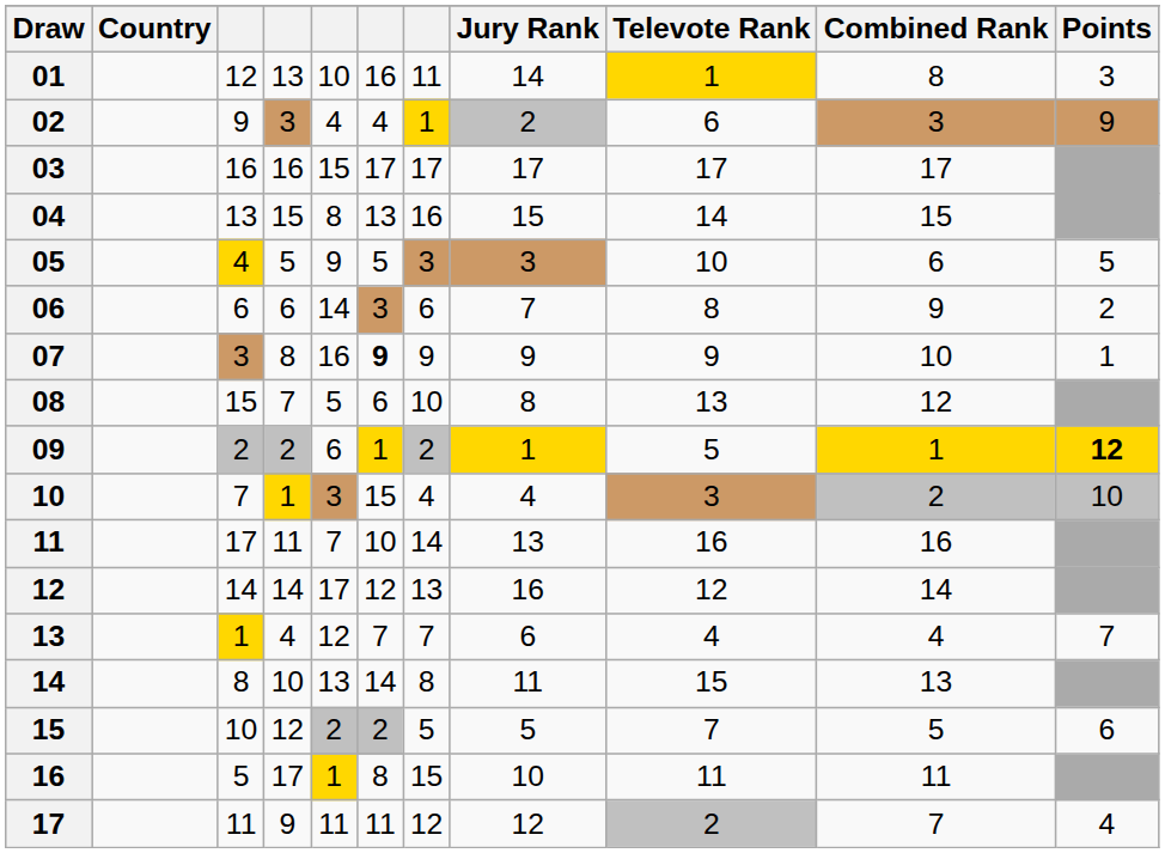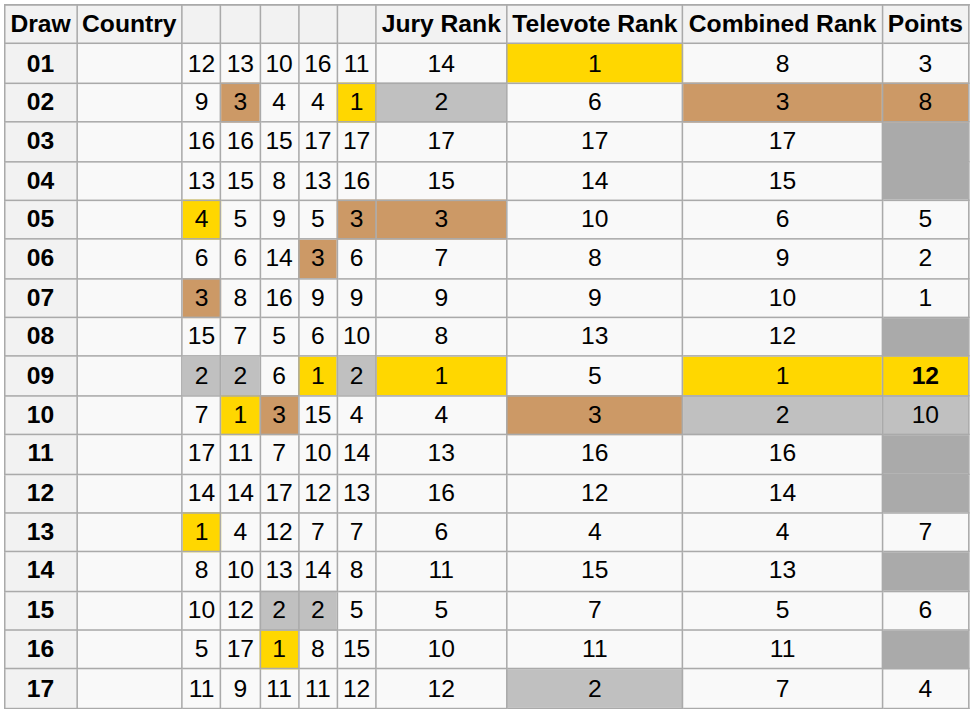 <table class="sortable wikitable collapsible plainrowheaders" style="text-align:center;">
 <tr>
 </tr>
 <tr>
 <th scope="col">Draw</th>
 <th scope="col">Country</th>
 <th scope="col"><small></small></th>
 <th scope="col"><small></small></th>
 <th scope="col"><small></small></th>
 <th scope="col"><small></small></th>
 <th scope="col"><small></small></th>
 <th scope="col">Jury Rank</th>
 <th scope="col">Televote Rank</th>
 <th scope="col">Combined Rank</th>
 <th scope="col">Points</th>
 </tr>
 <tr>
 <th scope="row" style="text-align:center;">01</th>
 <td style="text-align:left;"></td>
 <td>12</td>
 <td>13</td>
 <td>10</td>
 <td>16</td>
 <td>11</td>
 <td>14</td>
 <td style="background:gold;">1</td>
 <td>8</td>
 <td>3</td>
 </tr>
 <tr>
 <th scope="row" style="text-align:center;">02</th>
 <td style="text-align:left;"></td>
 <td>9</td>
 <td style="background:#CC9966;">3</td>
 <td>4</td>
 <td>4</td>
 <td style="background:gold;">1</td>
 <td style="background:silver;">2</td>
 <td>6</td>
 <td style="background:#CC9966;">3</td>
-<td style="background:#CC9966;">9</td>
+<td style="background:#CC9966;">8</td>
 </tr>
 <tr>
 <th scope="row" style="text-align:center;">03</th>
 <td style="text-align:left;"></td>
 <td>16</td>
 <td>16</td>
 <td>15</td>
 <td>17</td>
 <td>17</td>
 <td>17</td>
 <td>17</td>
 <td>17</td>
 <td style="background:#AAAAAA;"></td>
 </tr>
 <tr>
 <th scope="row" style="text-align:center;">04</th>
 <td style="text-align:left;"></td>
 <td>13</td>
 <td>15</td>
 <td>8</td>
 <td>13</td>
 <td>16</td>
 <td>15</td>
 <td>14</td>
 <td>15</td>
 <td style="background:#AAAAAA;"></td>
 </tr>
 <tr>
 <th scope="row" style="text-align:center;">05</th>
 <td style="text-align:left;"></td>
 <td style="background: gold;">4</td>
 <td>5</td>
 <td>9</td>
 <td>5</td>
 <td style="background:#CC9966;">3</td>
 <td style="background:#CC9966;">3</td>
 <td>10</td>
 <td>6</td>
 <td>5</td>
 </tr>
 <tr>
 <th scope="row" style="text-align:center;">06</th>
 <td style="text-align:left;"></td>
 <td>6</td>
 <td>6</td>
 <td>14</td>
 <td style="background:#CC9966;">3</td>
 <td>6</td>
 <td>7</td>
 <td>8</td>
 <td>9</td>
 <td>2</td>
 </tr>
 <tr>
 <th scope="row" style="text-align:center;">07</th>
 <td style="text-align:left;"></td>
 <td style="background:#CC9966;">3</td>
 <td>8</td>
 <td>16</td>
-<td><strong>9</strong></td>
+<td>9</td>
 <td>9</td>
 <td>9</td>
 <td>9</td>
 <td>10</td>
 <td>1</td>
 </tr>
 <tr>
 <th scope="row" style="text-align:center;">08</th>
 <td style="text-align:left;"></td>
 <td>15</td>
 <td>7</td>
 <td>5</td>
 <td>6</td>
 <td>10</td>
 <td>8</td>
 <td>13</td>
 <td>12</td>
 <td style="background:#AAAAAA;"></td>
 </tr>
 <tr>
 <th scope="row" style="text-align:center;">09</th>
 <td style="text-align:left;"></td>
 <td style="background:silver;">2</td>
 <td style="background:silver;">2</td>
 <td>6</td>
 <td style="background:gold;">1</td>
 <td style="background:silver;">2</td>
 <td style="background:gold;">1</td>
 <td>5</td>
 <td style="background:gold;">1</td>
 <td style="background:gold;"><strong>12</strong></td>
 </tr>
 <tr>
 <th scope="row" style="text-align:center;">10</th>
 <td style="text-align:left;"></td>
 <td>7</td>
 <td style="background:gold;">1</td>
 <td style="background:#CC9966;">3</td>
 <td>15</td>
 <td>4</td>
 <td>4</td>
 <td style="background:#CC9966;">3</td>
 <td style="background:silver;">2</td>
 <td style="background:silver;">10</td>
 </tr>
 <tr>
 <th scope="row" style="text-align:center;">11</th>
 <td style="text-align:left;"></td>
 <td>17</td>
 <td>11</td>
 <td>7</td>
 <td>10</td>
 <td>14</td>
 <td>13</td>
 <td>16</td>
 <td>16</td>
 <td style="background:#AAAAAA;"></td>
 </tr>
 <tr>
 <th scope="row" style="text-align:center;">12</th>
 <td style="text-align:left;"></td>
 <td>14</td>
 <td>14</td>
 <td>17</td>
 <td>12</td>
 <td>13</td>
 <td>16</td>
 <td>12</td>
 <td>14</td>
 <td style="background:#AAAAAA;"></td>
 </tr>
 <tr>
 <th scope="row" style="text-align:center;">13</th>
 <td style="text-align:left;"></td>
 <td style="background:gold;">1</td>
 <td>4</td>
 <td>12</td>
 <td>7</td>
 <td>7</td>
 <td>6</td>
 <td>4</td>
 <td>4</td>
 <td>7</td>
 </tr>
 <tr>
 <th scope="row" style="text-align:center;">14</th>
 <td style="text-align:left;"></td>
 <td>8</td>
 <td>10</td>
 <td>13</td>
 <td>14</td>
 <td>8</td>
 <td>11</td>
 <td>15</td>
 <td>13</td>
 <td style="background:#AAAAAA;"></td>
 </tr>
 <tr>
 <th scope="row" style="text-align:center;">15</th>
 <td style="text-align:left;"></td>
 <td>10</td>
 <td>12</td>
 <td style="background:silver;">2</td>
 <td style="background:silver;">2</td>
 <td>5</td>
 <td>5</td>
 <td>7</td>
 <td>5</td>
 <td>6</td>
 </tr>
 <tr>
 <th scope="row" style="text-align:center;">16</th>
 <td style="text-align:left;"></td>
 <td>5</td>
 <td>17</td>
 <td style="background:gold;">1</td>
 <td>8</td>
 <td>15</td>
 <td>10</td>
 <td>11</td>
 <td>11</td>
 <td style="background:#AAAAAA;"></td>
 </tr>
 <tr>
 <th scope="row" style="text-align:center;">17</th>
 <td style="text-align:left;"></td>
 <td>11</td>
 <td>9</td>
 <td>11</td>
 <td>11</td>
 <td>12</td>
 <td>12</td>
 <td style="background:silver;">2</td>
 <td>7</td>
 <td>4</td>
 </tr>
 </table>
